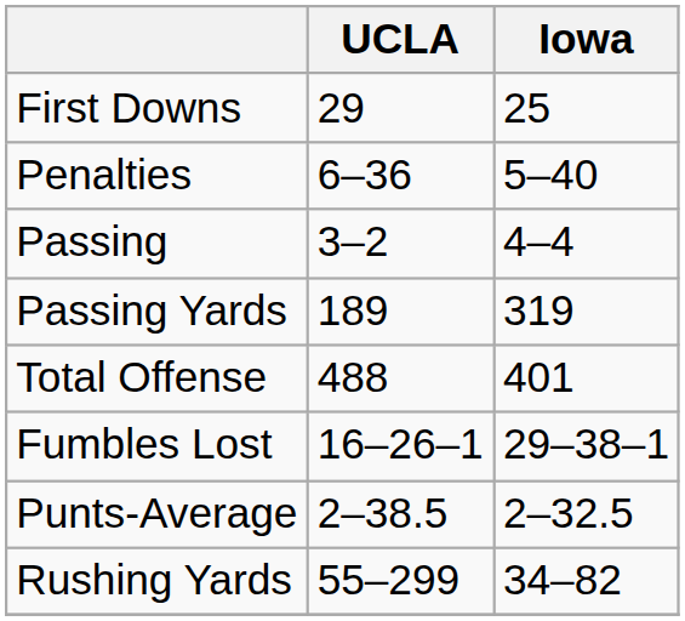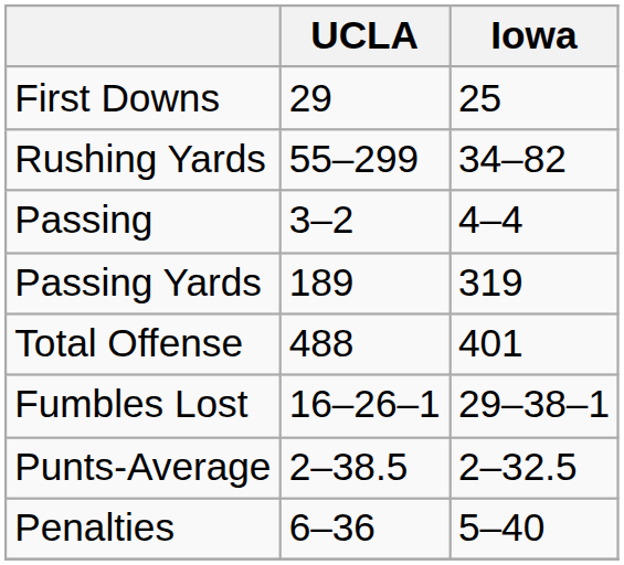 <table class="wikitable">
 <tr>
 <th></th>
 <th>UCLA</th>
 <th>Iowa</th>
 </tr>
 <tr>
 <td>First Downs</td>
 <td>29</td>
 <td>25</td>
 </tr>
 <tr>
-<td>Penalties</td>
-<td>6–36</td>
-<td>5–40</td>
+<td>Rushing Yards</td>
+<td>55–299</td>
+<td>34–82</td>
 </tr>
 <tr>
 <td>Passing</td>
 <td>3–2</td>
 <td>4–4</td>
 </tr>
 <tr>
 <td>Passing Yards</td>
 <td>189</td>
 <td>319</td>
 </tr>
 <tr>
 <td>Total Offense</td>
 <td>488</td>
 <td>401</td>
 </tr>
 <tr>
 <td>Fumbles Lost</td>
 <td>16–26–1</td>
 <td>29–38–1</td>
 </tr>
 <tr>
 <td>Punts-Average</td>
 <td>2–38.5</td>
 <td>2–32.5</td>
 </tr>
 <tr>
-<td>Rushing Yards</td>
-<td>55–299</td>
-<td>34–82</td>
+<td>Penalties</td>
+<td>6–36</td>
+<td>5–40</td>
 </tr>
 <tr>
 </tr>
 </table>
